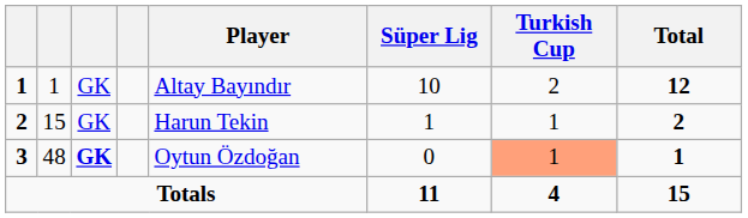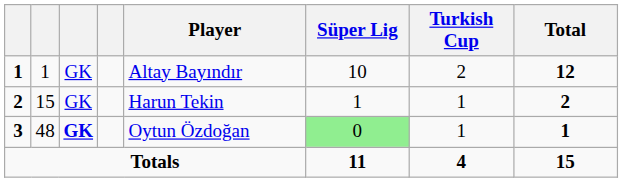 <table class="wikitable" style="text-align:center">
 <tr>
 <th width=15></th>
 <th width=15></th>
 <th width=15></th>
 <th width=15></th>
 <th width=145>Player</th>
 <th width=80><a href='#'>Süper Lig</a></th>
 <th width=80><a href='#'>Turkish Cup</a></th>
 <th width=80>Total</th>
 </tr>
 <tr>
 <td><strong>1</strong></td>
 <td>1</td>
 <td><a href='#'>GK</a></td>
 <td></td>
 <td align=left><a href='#'>Altay Bayındır</a></td>
 <td>10</td>
 <td>2</td>
 <td><strong>12</strong></td>
 </tr>
 <tr>
 <td><strong>2</strong></td>
 <td>15</td>
 <td><a href='#'>GK</a></td>
 <td></td>
 <td align=left><a href='#'>Harun Tekin</a></td>
 <td>1</td>
 <td>1</td>
 <td><strong>2</strong></td>
 </tr>
 <tr>
 <td><strong>3</strong></td>
 <td>48</td>
 <td><strong><a href='#'>GK</a></strong></td>
 <td></td>
 <td align=left><a href='#'>Oytun Özdoğan</a></td>
-<td>0</td>
-<td style="background: lightsalmon;">1</td>
+<td style="background: lightgreen;">0</td>
+<td>1</td>
 <td><strong>1</strong></td>
 </tr>
 <tr>
 <td colspan=5><strong>Totals</strong></td>
 <td><strong>11</strong></td>
 <td><strong>4</strong></td>
 <td><strong>15</strong></td>
 </tr>
 </table>
